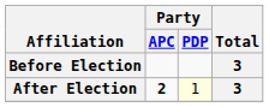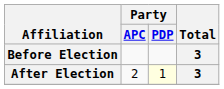 <table class=wikitable style="text-align:center">
 <tr style="vertical-align:bottom;">
 <th rowspan=2>Affiliation</th>
 <th colspan=2>Party</th>
 <th rowspan=2>Total</th>
 </tr>
 <tr>
 <th><a href='#'>APC</a></th>
 <th><a href='#'>PDP</a></th>
 </tr>
 <tr>
 <th>Before Election</th>
 <td></td>
 <td></td>
 <th>3</th>
 </tr>
 <tr>
 <th>After Election</th>
-<td><strong>2</strong></td>
+<td>2</td>
 <td style="background: lightyellow;">1</td>
 <th>3</th>
 </tr>
 <tr>
 </tr>
 </table>
